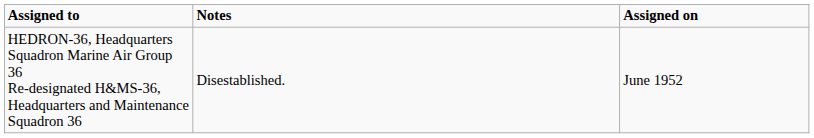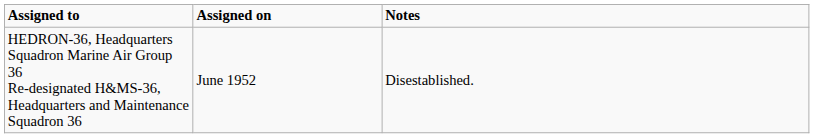 <table class="wikitable" style="width: 70%;">
 <tr>
 <td style="width: 200px;"><strong>Assigned to</strong></td>
+<td style="width: 200px;"><strong>Assigned on</strong></td>
 <td><strong>Notes</strong></td>
-<td style="width: 200px;"><strong>Assigned on</strong></td>
 </tr>
 <tr>
 <td>HEDRON-36, Headquarters Squadron Marine Air Group 36<br>Re-designated H&MS-36, Headquarters and Maintenance Squadron 36</td>
+<td>June 1952</td>
 <td>Disestablished.</td>
-<td>June 1952</td>
 </tr>
 </table>
